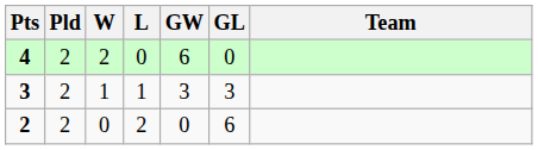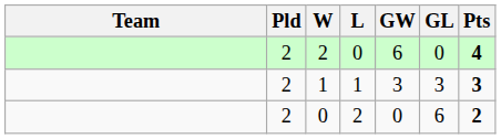 <table class="wikitable" style="text-align:center">
 <tr>
-<th width=20>Pts</th>
+<th width=200>Team</th>
 <th width=20>Pld</th>
 <th width=20>W</th>
 <th width=20>L</th>
 <th width=20>GW</th>
 <th width=20>GL</th>
-<th width=200>Team</th>
+<th width=20>Pts</th>
 </tr>
 <tr bgcolor=ccffcc>
-<td><strong>4</strong></td>
+<td style="text-align:left;"></td>
 <td>2</td>
 <td>2</td>
 <td>0</td>
 <td>6</td>
 <td>0</td>
-<td style="text-align:left;"></td>
+<td><strong>4</strong></td>
 </tr>
 <tr>
-<td><strong>3</strong></td>
+<td style="text-align:left;"></td>
 <td>2</td>
 <td>1</td>
 <td>1</td>
 <td>3</td>
 <td>3</td>
-<td style="text-align:left;"></td>
+<td><strong>3</strong></td>
 </tr>
 <tr>
-<td><strong>2</strong></td>
+<td style="text-align:left;"></td>
 <td>2</td>
 <td>0</td>
 <td>2</td>
 <td>0</td>
 <td>6</td>
-<td style="text-align:left;"></td>
+<td><strong>2</strong></td>
 </tr>
 </table>
